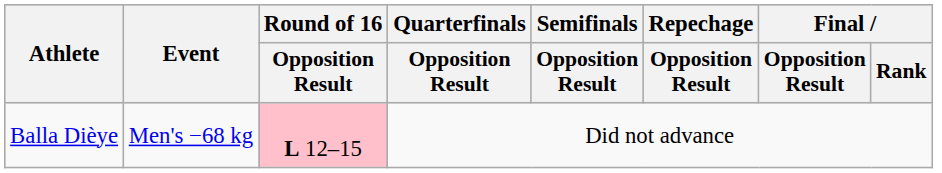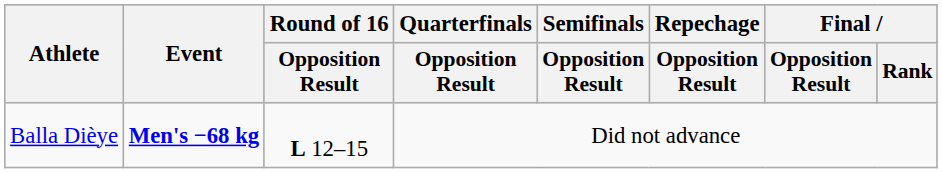 <table class="wikitable" style="font-size:90%;">
 <tr>
 <th rowspan=2>Athlete</th>
 <th rowspan=2>Event</th>
 <th>Round of 16</th>
 <th>Quarterfinals</th>
 <th>Semifinals</th>
 <th>Repechage</th>
 <th colspan=2>Final / </th>
 </tr>
 <tr style="font-size:95%">
 <th>Opposition<br>Result</th>
 <th>Opposition<br>Result</th>
 <th>Opposition<br>Result</th>
 <th>Opposition<br>Result</th>
 <th>Opposition<br>Result</th>
 <th>Rank</th>
 </tr>
 <tr align=center>
 <td align=left><a href='#'>Balla Dièye</a></td>
-<td align=left><a href='#'>Men's −68 kg</a></td>
-<td style="background: pink;"><br><strong>L</strong> 12–15</td>
+<td align=left><strong><a href='#'>Men's −68 kg</a></strong></td>
+<td><br><strong>L</strong> 12–15</td>
 <td colspan=5>Did not advance</td>
 </tr>
 </table>
